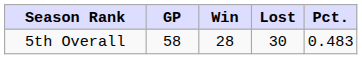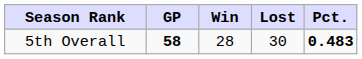 <table class="wikitable" border="1">
 <tr>
 <th style="background:#DDDDFF;" width="40%"><strong> Season Rank </strong></th>
 <th style="background:#DDDDFF;" width="15%"><strong> GP </strong></th>
 <th style="background:#DDDDFF;" width="15%"><strong> Win</strong></th>
 <th style="background:#DDDDFF;" width="15%"><strong> Lost </strong></th>
 <th style="background:#DDDDFF;" width="15%"><strong> Pct.</strong></th>
 </tr>
 <tr>
 <td align=center>5th Overall</td>
-<td align=center>58</td>
+<td align=center><strong>58</strong></td>
 <td align=center>28</td>
 <td align=center>30</td>
-<td align=center>0.483</td>
+<td align=center><strong>0.483</strong></td>
 </tr>
 </table>
